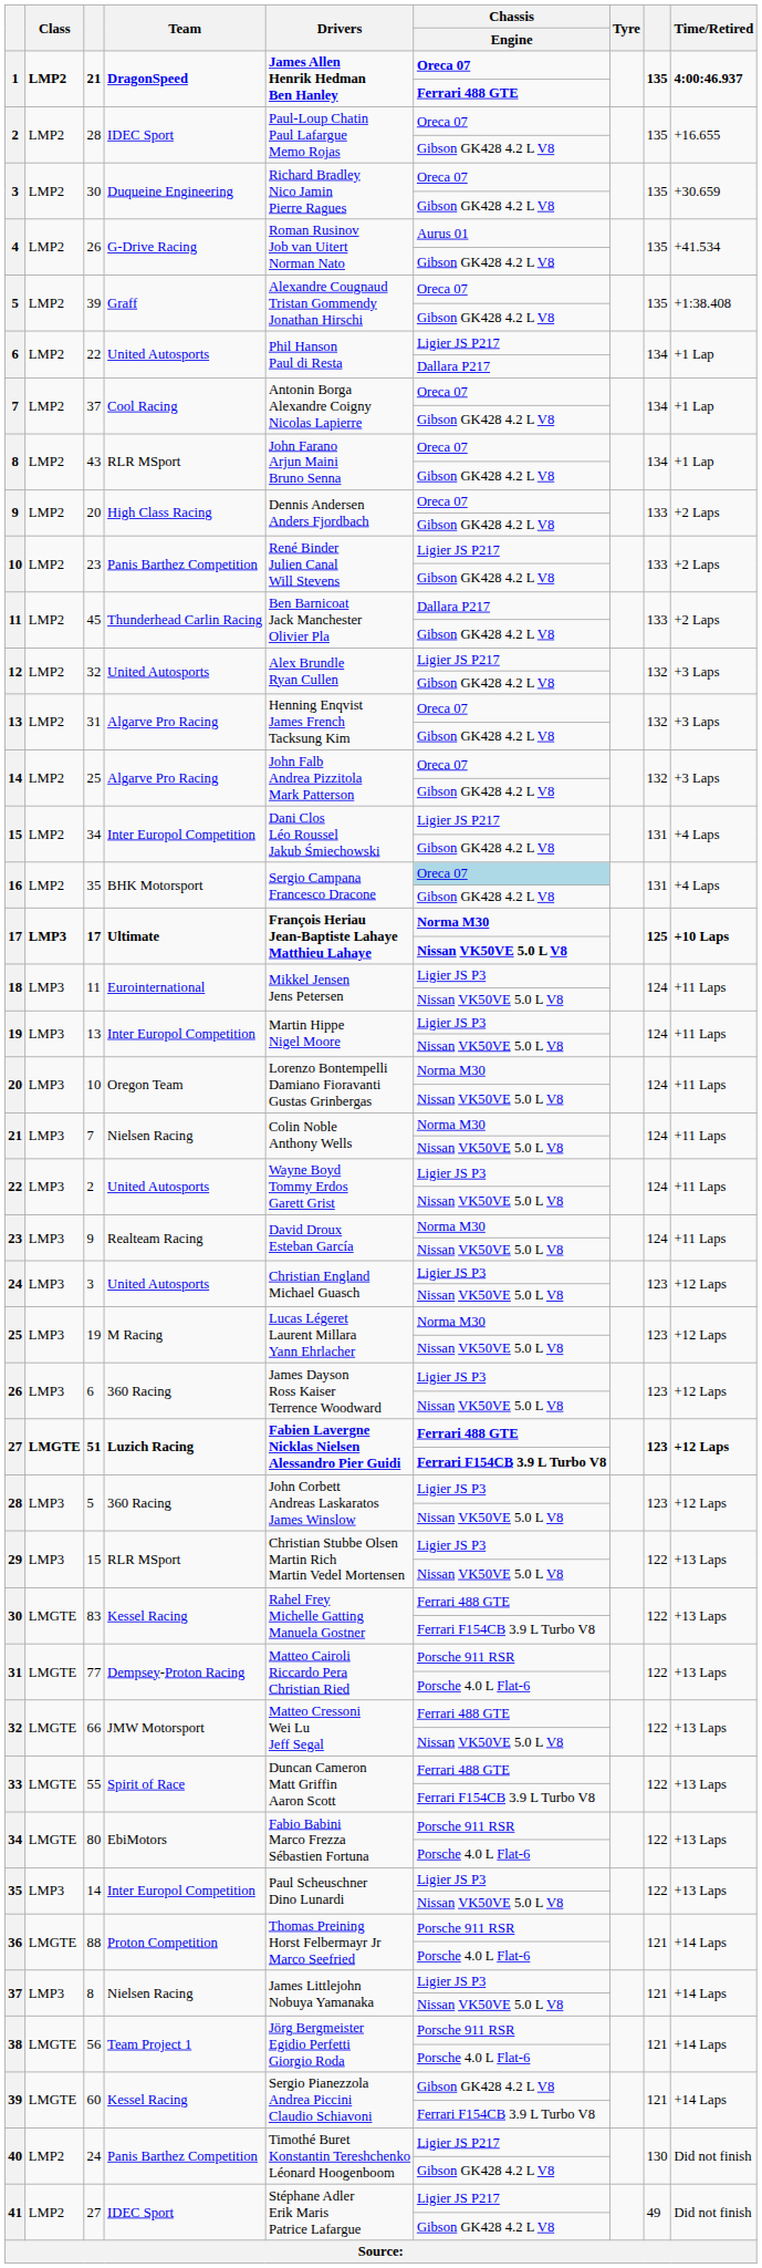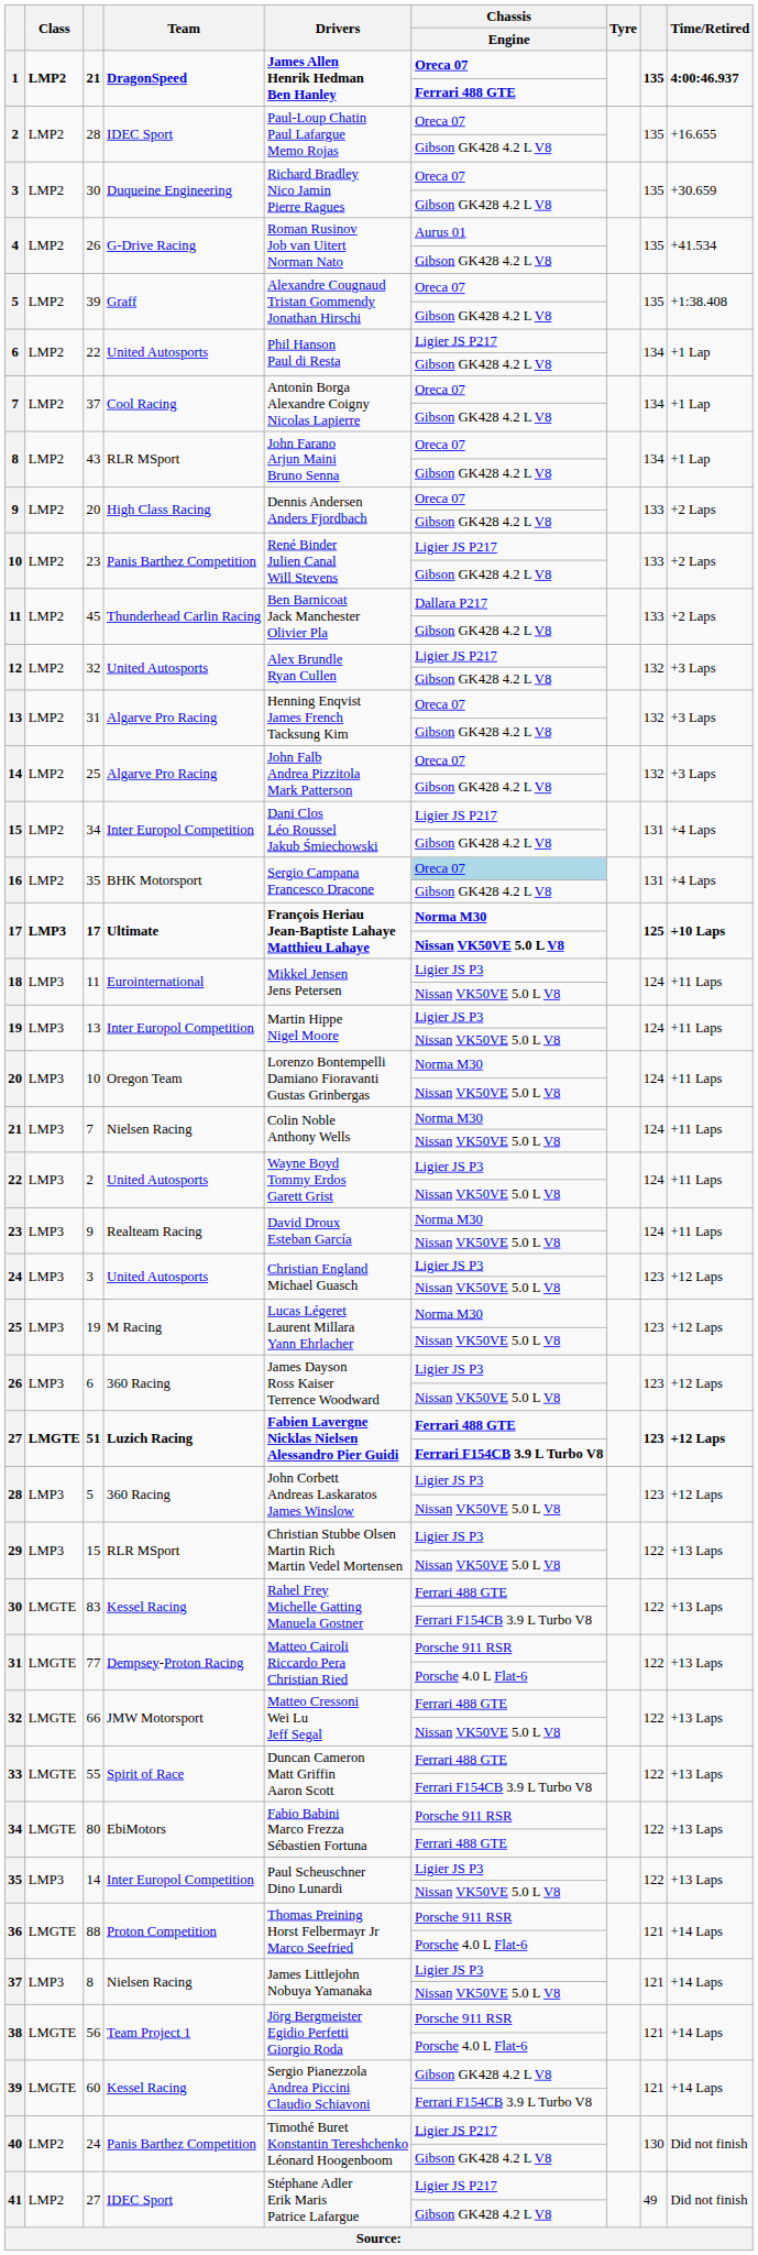 <table class="wikitable" style="font-size:95%;">
 <tr>
 <th rowspan=2></th>
 <th rowspan=2>Class</th>
 <th rowspan=2></th>
 <th rowspan=2>Team</th>
 <th rowspan=2>Drivers</th>
 <th>Chassis</th>
 <th rowspan=2>Tyre</th>
 <th rowspan=2></th>
 <th rowspan=2>Time/Retired</th>
 </tr>
 <tr>
 <th>Engine</th>
 </tr>
 <tr>
 <th rowspan=2>1</th>
 <td rowspan=2><strong>LMP2</strong></td>
 <td rowspan=2><strong>21</strong></td>
 <td rowspan=2><strong> <a href='#'>DragonSpeed</a></strong></td>
 <td rowspan=2><strong> <a href='#'>James Allen</a><br> Henrik Hedman<br> <a href='#'>Ben Hanley</a></strong></td>
 <td><strong><a href='#'>Oreca 07</a></strong></td>
 <td rowspan=2></td>
 <td rowspan=2><strong>135</strong></td>
 <td rowspan=2><strong>4:00:46.937</strong></td>
 </tr>
 <tr>
 <td><strong><a href='#'>Ferrari 488 GTE</a></strong></td>
 </tr>
 <tr>
 <th rowspan=2>2</th>
 <td rowspan=2>LMP2</td>
 <td rowspan=2>28</td>
 <td rowspan=2> <a href='#'>IDEC Sport</a></td>
 <td rowspan=2> <a href='#'>Paul-Loup Chatin</a><br> <a href='#'>Paul Lafargue</a><br> <a href='#'>Memo Rojas</a></td>
 <td><a href='#'>Oreca 07</a></td>
 <td rowspan=2></td>
 <td rowspan=2>135</td>
 <td rowspan=2>+16.655</td>
 </tr>
 <tr>
 <td><a href='#'>Gibson</a> GK428 4.2 L <a href='#'>V8</a></td>
 </tr>
 <tr>
 <th rowspan=2>3</th>
 <td rowspan=2>LMP2</td>
 <td rowspan=2>30</td>
 <td rowspan=2> <a href='#'>Duqueine Engineering</a></td>
 <td rowspan=2> <a href='#'>Richard Bradley</a><br> <a href='#'>Nico Jamin</a><br> <a href='#'>Pierre Ragues</a></td>
 <td><a href='#'>Oreca 07</a></td>
 <td rowspan=2></td>
 <td rowspan=2>135</td>
 <td rowspan=2>+30.659</td>
 </tr>
 <tr>
 <td><a href='#'>Gibson</a> GK428 4.2 L <a href='#'>V8</a></td>
 </tr>
 <tr>
 <th rowspan=2>4</th>
 <td rowspan=2>LMP2</td>
 <td rowspan=2>26</td>
 <td rowspan=2> <a href='#'>G-Drive Racing</a></td>
 <td rowspan=2> <a href='#'>Roman Rusinov</a><br> <a href='#'>Job van Uitert</a><br> <a href='#'>Norman Nato</a></td>
 <td><a href='#'>Aurus 01</a></td>
 <td rowspan=2></td>
 <td rowspan=2>135</td>
 <td rowspan=2>+41.534</td>
 </tr>
 <tr>
 <td><a href='#'>Gibson</a> GK428 4.2 L <a href='#'>V8</a></td>
 </tr>
 <tr>
 <th rowspan=2>5</th>
 <td rowspan=2>LMP2</td>
 <td rowspan=2>39</td>
 <td rowspan=2> <a href='#'>Graff</a></td>
 <td rowspan=2> <a href='#'>Alexandre Cougnaud</a><br> <a href='#'>Tristan Gommendy</a><br> <a href='#'>Jonathan Hirschi</a></td>
 <td><a href='#'>Oreca 07</a></td>
 <td rowspan=2></td>
 <td rowspan=2>135</td>
 <td rowspan=2>+1:38.408</td>
 </tr>
 <tr>
 <td><a href='#'>Gibson</a> GK428 4.2 L <a href='#'>V8</a></td>
 </tr>
 <tr>
 <th rowspan=2>6</th>
 <td rowspan=2>LMP2</td>
 <td rowspan=2>22</td>
 <td rowspan=2> <a href='#'>United Autosports</a></td>
 <td rowspan=2> <a href='#'>Phil Hanson</a><br> <a href='#'>Paul di Resta</a></td>
 <td><a href='#'>Ligier JS P217</a></td>
 <td rowspan=2></td>
 <td rowspan=2>134</td>
 <td rowspan=2>+1 Lap</td>
 </tr>
 <tr>
-<td><a href='#'>Dallara P217</a></td>
+<td><a href='#'>Gibson</a> GK428 4.2 L <a href='#'>V8</a></td>
 </tr>
 <tr>
 <th rowspan=2>7</th>
 <td rowspan=2>LMP2</td>
 <td rowspan=2>37</td>
 <td rowspan=2> <a href='#'>Cool Racing</a></td>
 <td rowspan=2> Antonin Borga<br> Alexandre Coigny<br> <a href='#'>Nicolas Lapierre</a></td>
 <td><a href='#'>Oreca 07</a></td>
 <td rowspan=2></td>
 <td rowspan=2>134</td>
 <td rowspan=2>+1 Lap</td>
 </tr>
 <tr>
 <td><a href='#'>Gibson</a> GK428 4.2 L <a href='#'>V8</a></td>
 </tr>
 <tr>
 <th rowspan=2>8</th>
 <td rowspan=2>LMP2</td>
 <td rowspan=2>43</td>
 <td rowspan=2> RLR MSport</td>
 <td rowspan=2> <a href='#'>John Farano</a><br> <a href='#'>Arjun Maini</a><br> <a href='#'>Bruno Senna</a></td>
 <td><a href='#'>Oreca 07</a></td>
 <td rowspan=2></td>
 <td rowspan=2>134</td>
 <td rowspan=2>+1 Lap</td>
 </tr>
 <tr>
 <td><a href='#'>Gibson</a> GK428 4.2 L <a href='#'>V8</a></td>
 </tr>
 <tr>
 <th rowspan=2>9</th>
 <td rowspan=2>LMP2</td>
 <td rowspan=2>20</td>
 <td rowspan=2> <a href='#'>High Class Racing</a></td>
 <td rowspan=2> Dennis Andersen<br> <a href='#'>Anders Fjordbach</a></td>
 <td><a href='#'>Oreca 07</a></td>
 <td rowspan=2></td>
 <td rowspan=2>133</td>
 <td rowspan=2>+2 Laps</td>
 </tr>
 <tr>
 <td><a href='#'>Gibson</a> GK428 4.2 L <a href='#'>V8</a></td>
 </tr>
 <tr>
 <th rowspan=2>10</th>
 <td rowspan=2>LMP2</td>
 <td rowspan=2>23</td>
 <td rowspan=2> <a href='#'>Panis Barthez Competition</a></td>
 <td rowspan=2> <a href='#'>René Binder</a><br> <a href='#'>Julien Canal</a><br> <a href='#'>Will Stevens</a></td>
 <td><a href='#'>Ligier JS P217</a></td>
 <td rowspan=2></td>
 <td rowspan=2>133</td>
 <td rowspan=2>+2 Laps</td>
 </tr>
 <tr>
 <td><a href='#'>Gibson</a> GK428 4.2 L <a href='#'>V8</a></td>
 </tr>
 <tr>
 <th rowspan=2>11</th>
 <td rowspan=2>LMP2</td>
 <td rowspan=2>45</td>
 <td rowspan=2> <a href='#'>Thunderhead Carlin Racing</a></td>
 <td rowspan=2> <a href='#'>Ben Barnicoat</a><br> Jack Manchester<br> <a href='#'>Olivier Pla</a></td>
 <td><a href='#'>Dallara P217</a></td>
 <td rowspan=2></td>
 <td rowspan=2>133</td>
 <td rowspan=2>+2 Laps</td>
 </tr>
 <tr>
 <td><a href='#'>Gibson</a> GK428 4.2 L <a href='#'>V8</a></td>
 </tr>
 <tr>
 <th rowspan=2>12</th>
 <td rowspan=2>LMP2</td>
 <td rowspan=2>32</td>
 <td rowspan=2> <a href='#'>United Autosports</a></td>
 <td rowspan=2> <a href='#'>Alex Brundle</a><br> <a href='#'>Ryan Cullen</a></td>
 <td><a href='#'>Ligier JS P217</a></td>
 <td rowspan=2></td>
 <td rowspan=2>132</td>
 <td rowspan=2>+3 Laps</td>
 </tr>
 <tr>
 <td><a href='#'>Gibson</a> GK428 4.2 L <a href='#'>V8</a></td>
 </tr>
 <tr>
 <th rowspan=2>13</th>
 <td rowspan=2>LMP2</td>
 <td rowspan=2>31</td>
 <td rowspan=2> <a href='#'>Algarve Pro Racing</a></td>
 <td rowspan=2> Henning Enqvist<br> <a href='#'>James French</a><br> Tacksung Kim</td>
 <td><a href='#'>Oreca 07</a></td>
 <td rowspan=2></td>
 <td rowspan=2>132</td>
 <td rowspan=2>+3 Laps</td>
 </tr>
 <tr>
 <td><a href='#'>Gibson</a> GK428 4.2 L <a href='#'>V8</a></td>
 </tr>
 <tr>
 <th rowspan=2>14</th>
 <td rowspan=2>LMP2</td>
 <td rowspan=2>25</td>
 <td rowspan=2> <a href='#'>Algarve Pro Racing</a></td>
 <td rowspan=2> <a href='#'>John Falb</a><br> <a href='#'>Andrea Pizzitola</a><br> <a href='#'>Mark Patterson</a></td>
 <td><a href='#'>Oreca 07</a></td>
 <td rowspan=2></td>
 <td rowspan=2>132</td>
 <td rowspan=2>+3 Laps</td>
 </tr>
 <tr>
 <td><a href='#'>Gibson</a> GK428 4.2 L <a href='#'>V8</a></td>
 </tr>
 <tr>
 <th rowspan=2>15</th>
 <td rowspan=2>LMP2</td>
 <td rowspan=2>34</td>
 <td rowspan=2> <a href='#'>Inter Europol Competition</a></td>
 <td rowspan=2> <a href='#'>Dani Clos</a><br> <a href='#'>Léo Roussel</a><br> <a href='#'>Jakub Śmiechowski</a></td>
 <td><a href='#'>Ligier JS P217</a></td>
 <td rowspan=2></td>
 <td rowspan=2>131</td>
 <td rowspan=2>+4 Laps</td>
 </tr>
 <tr>
 <td><a href='#'>Gibson</a> GK428 4.2 L <a href='#'>V8</a></td>
 </tr>
 <tr>
 <th rowspan=2>16</th>
 <td rowspan=2>LMP2</td>
 <td rowspan=2>35</td>
 <td rowspan=2> BHK Motorsport</td>
 <td rowspan=2> <a href='#'>Sergio Campana</a><br> <a href='#'>Francesco Dracone</a></td>
 <td style="background: lightblue;"><a href='#'>Oreca 07</a></td>
 <td rowspan=2></td>
 <td rowspan=2>131</td>
 <td rowspan=2>+4 Laps</td>
 </tr>
 <tr>
 <td><a href='#'>Gibson</a> GK428 4.2 L <a href='#'>V8</a></td>
 </tr>
 <tr>
 <th rowspan=2>17</th>
 <td rowspan=2><strong>LMP3</strong></td>
 <td rowspan=2><strong>17</strong></td>
 <td rowspan=2><strong> Ultimate</strong></td>
 <td rowspan=2><strong> François Heriau<br> Jean-Baptiste Lahaye<br> <a href='#'>Matthieu Lahaye</a></strong></td>
 <td><strong><a href='#'>Norma M30</a></strong></td>
 <td rowspan=2></td>
 <td rowspan=2><strong>125</strong></td>
 <td rowspan=2><strong>+10 Laps</strong></td>
 </tr>
 <tr>
 <td><strong><a href='#'>Nissan</a> <a href='#'>VK50VE</a> 5.0 L <a href='#'>V8</a></strong></td>
 </tr>
 <tr>
 <th rowspan=2>18</th>
 <td rowspan=2>LMP3</td>
 <td rowspan=2>11</td>
 <td rowspan=2> <a href='#'>Eurointernational</a></td>
 <td rowspan=2> <a href='#'>Mikkel Jensen</a><br> Jens Petersen</td>
 <td><a href='#'>Ligier JS P3</a></td>
 <td rowspan=2></td>
 <td rowspan=2>124</td>
 <td rowspan=2>+11 Laps</td>
 </tr>
 <tr>
 <td><a href='#'>Nissan</a> <a href='#'>VK50VE</a> 5.0 L <a href='#'>V8</a></td>
 </tr>
 <tr>
 <th rowspan=2>19</th>
 <td rowspan=2>LMP3</td>
 <td rowspan=2>13</td>
 <td rowspan=2> <a href='#'>Inter Europol Competition</a></td>
 <td rowspan=2> Martin Hippe<br> <a href='#'>Nigel Moore</a></td>
 <td><a href='#'>Ligier JS P3</a></td>
 <td rowspan=2></td>
 <td rowspan=2>124</td>
 <td rowspan=2>+11 Laps</td>
 </tr>
 <tr>
 <td><a href='#'>Nissan</a> <a href='#'>VK50VE</a> 5.0 L <a href='#'>V8</a></td>
 </tr>
 <tr>
 <th rowspan=2>20</th>
 <td rowspan=2>LMP3</td>
 <td rowspan=2>10</td>
 <td rowspan=2> Oregon Team</td>
 <td rowspan=2> Lorenzo Bontempelli<br> Damiano Fioravanti<br> Gustas Grinbergas</td>
 <td><a href='#'>Norma M30</a></td>
 <td rowspan=2></td>
 <td rowspan=2>124</td>
 <td rowspan=2>+11 Laps</td>
 </tr>
 <tr>
 <td><a href='#'>Nissan</a> <a href='#'>VK50VE</a> 5.0 L <a href='#'>V8</a></td>
 </tr>
 <tr>
 <th rowspan=2>21</th>
 <td rowspan=2>LMP3</td>
 <td rowspan=2>7</td>
 <td rowspan=2> Nielsen Racing</td>
 <td rowspan=2 nowrap> Colin Noble<br> Anthony Wells</td>
 <td><a href='#'>Norma M30</a></td>
 <td rowspan=2></td>
 <td rowspan=2>124</td>
 <td rowspan=2>+11 Laps</td>
 </tr>
 <tr>
 <td><a href='#'>Nissan</a> <a href='#'>VK50VE</a> 5.0 L <a href='#'>V8</a></td>
 </tr>
 <tr>
 <th rowspan=2>22</th>
 <td rowspan=2>LMP3</td>
 <td rowspan=2>2</td>
 <td rowspan=2> <a href='#'>United Autosports</a></td>
 <td rowspan=2> <a href='#'>Wayne Boyd</a><br> <a href='#'>Tommy Erdos</a><br> <a href='#'>Garett Grist</a></td>
 <td><a href='#'>Ligier JS P3</a></td>
 <td rowspan=2></td>
 <td rowspan=2>124</td>
 <td rowspan=2>+11 Laps</td>
 </tr>
 <tr>
 <td><a href='#'>Nissan</a> <a href='#'>VK50VE</a> 5.0 L <a href='#'>V8</a></td>
 </tr>
 <tr>
 <th rowspan=2>23</th>
 <td rowspan=2>LMP3</td>
 <td rowspan=2>9</td>
 <td rowspan=2> Realteam Racing</td>
 <td rowspan=2> <a href='#'>David Droux</a><br> <a href='#'>Esteban García</a></td>
 <td><a href='#'>Norma M30</a></td>
 <td rowspan=2></td>
 <td rowspan=2>124</td>
 <td rowspan=2>+11 Laps</td>
 </tr>
 <tr>
 <td><a href='#'>Nissan</a> <a href='#'>VK50VE</a> 5.0 L <a href='#'>V8</a></td>
 </tr>
 <tr>
 <th rowspan=2>24</th>
 <td rowspan=2>LMP3</td>
 <td rowspan=2>3</td>
 <td rowspan=2> <a href='#'>United Autosports</a></td>
 <td rowspan=2> <a href='#'>Christian England</a><br> Michael Guasch</td>
 <td><a href='#'>Ligier JS P3</a></td>
 <td rowspan=2></td>
 <td rowspan=2>123</td>
 <td rowspan=2>+12 Laps</td>
 </tr>
 <tr>
 <td><a href='#'>Nissan</a> <a href='#'>VK50VE</a> 5.0 L <a href='#'>V8</a></td>
 </tr>
 <tr>
 <th rowspan=2>25</th>
 <td rowspan=2>LMP3</td>
 <td rowspan=2>19</td>
 <td rowspan=2> M Racing</td>
 <td rowspan=2> <a href='#'>Lucas Légeret</a><br> Laurent Millara<br> <a href='#'>Yann Ehrlacher</a></td>
 <td><a href='#'>Norma M30</a></td>
 <td rowspan=2></td>
 <td rowspan=2>123</td>
 <td rowspan=2>+12 Laps</td>
 </tr>
 <tr>
 <td><a href='#'>Nissan</a> <a href='#'>VK50VE</a> 5.0 L <a href='#'>V8</a></td>
 </tr>
 <tr>
 <th rowspan=2>26</th>
 <td rowspan=2>LMP3</td>
 <td rowspan=2>6</td>
 <td rowspan=2> 360 Racing</td>
 <td rowspan=2> James Dayson<br> Ross Kaiser<br> Terrence Woodward</td>
 <td><a href='#'>Ligier JS P3</a></td>
 <td rowspan=2></td>
 <td rowspan=2>123</td>
 <td rowspan=2>+12 Laps</td>
 </tr>
 <tr>
 <td><a href='#'>Nissan</a> <a href='#'>VK50VE</a> 5.0 L <a href='#'>V8</a></td>
 </tr>
 <tr>
 <th rowspan=2>27</th>
 <td rowspan=2><strong>LMGTE</strong></td>
 <td rowspan=2><strong>51</strong></td>
 <td rowspan=2><strong> Luzich Racing</strong></td>
 <td rowspan=2><strong> <a href='#'>Fabien Lavergne</a><br> <a href='#'>Nicklas Nielsen</a><br> <a href='#'>Alessandro Pier Guidi</a></strong></td>
 <td><strong><a href='#'>Ferrari 488 GTE</a></strong></td>
 <td rowspan=2></td>
 <td rowspan=2><strong>123</strong></td>
 <td rowspan=2><strong>+12 Laps</strong></td>
 </tr>
 <tr>
 <td><strong><a href='#'>Ferrari F154CB</a> 3.9 L Turbo V8</strong></td>
 </tr>
 <tr>
 <th rowspan=2>28</th>
 <td rowspan=2>LMP3</td>
 <td rowspan=2>5</td>
 <td rowspan=2> 360 Racing</td>
 <td rowspan=2> John Corbett<br> Andreas Laskaratos<br> <a href='#'>James Winslow</a></td>
 <td><a href='#'>Ligier JS P3</a></td>
 <td rowspan=2></td>
 <td rowspan=2>123</td>
 <td rowspan=2>+12 Laps</td>
 </tr>
 <tr>
 <td><a href='#'>Nissan</a> <a href='#'>VK50VE</a> 5.0 L <a href='#'>V8</a></td>
 </tr>
 <tr>
 <th rowspan=2>29</th>
 <td rowspan=2>LMP3</td>
 <td rowspan=2>15</td>
 <td rowspan=2> RLR MSport</td>
 <td rowspan=2> Christian Stubbe Olsen<br> Martin Rich<br> Martin Vedel Mortensen</td>
 <td><a href='#'>Ligier JS P3</a></td>
 <td rowspan=2></td>
 <td rowspan=2>122</td>
 <td rowspan=2>+13 Laps</td>
 </tr>
 <tr>
 <td><a href='#'>Nissan</a> <a href='#'>VK50VE</a> 5.0 L <a href='#'>V8</a></td>
 </tr>
 <tr>
 <th rowspan=2>30</th>
 <td rowspan=2>LMGTE</td>
 <td rowspan=2>83</td>
 <td rowspan=2> <a href='#'>Kessel Racing</a></td>
 <td rowspan=2> <a href='#'>Rahel Frey</a><br> <a href='#'>Michelle Gatting</a><br> <a href='#'>Manuela Gostner</a></td>
 <td><a href='#'>Ferrari 488 GTE</a></td>
 <td rowspan=2></td>
 <td rowspan=2>122</td>
 <td rowspan=2>+13 Laps</td>
 </tr>
 <tr>
 <td><a href='#'>Ferrari F154CB</a> 3.9 L Turbo V8</td>
 </tr>
 <tr>
 <th rowspan=2>31</th>
 <td rowspan=2>LMGTE</td>
 <td rowspan=2>77</td>
 <td rowspan=2> <a href='#'>Dempsey</a>-<a href='#'>Proton Racing</a></td>
 <td rowspan=2> <a href='#'>Matteo Cairoli</a><br> <a href='#'>Riccardo Pera</a><br> <a href='#'>Christian Ried</a></td>
 <td><a href='#'>Porsche 911 RSR</a></td>
 <td rowspan=2></td>
 <td rowspan=2>122</td>
 <td rowspan=2>+13 Laps</td>
 </tr>
 <tr>
 <td><a href='#'>Porsche</a> 4.0 L <a href='#'>Flat-6</a></td>
 </tr>
 <tr>
 <th rowspan=2>32</th>
 <td rowspan=2>LMGTE</td>
 <td rowspan=2>66</td>
 <td rowspan=2> JMW Motorsport</td>
 <td rowspan=2> <a href='#'>Matteo Cressoni</a><br> Wei Lu<br> <a href='#'>Jeff Segal</a></td>
 <td><a href='#'>Ferrari 488 GTE</a></td>
 <td rowspan=2></td>
 <td rowspan=2>122</td>
 <td rowspan=2>+13 Laps</td>
 </tr>
 <tr>
 <td><a href='#'>Nissan</a> <a href='#'>VK50VE</a> 5.0 L <a href='#'>V8</a></td>
 </tr>
 <tr>
 <th rowspan=2>33</th>
 <td rowspan=2>LMGTE</td>
 <td rowspan=2>55</td>
 <td rowspan=2> <a href='#'>Spirit of Race</a></td>
 <td rowspan=2> Duncan Cameron<br> Matt Griffin<br> Aaron Scott</td>
 <td><a href='#'>Ferrari 488 GTE</a></td>
 <td rowspan=2></td>
 <td rowspan=2>122</td>
 <td rowspan=2>+13 Laps</td>
 </tr>
 <tr>
 <td><a href='#'>Ferrari F154CB</a> 3.9 L Turbo V8</td>
 </tr>
 <tr>
 <th rowspan=2>34</th>
 <td rowspan=2>LMGTE</td>
 <td rowspan=2>80</td>
 <td rowspan=2> EbiMotors</td>
 <td rowspan=2> <a href='#'>Fabio Babini</a><br> Marco Frezza<br> Sébastien Fortuna</td>
 <td><a href='#'>Porsche 911 RSR</a></td>
 <td rowspan=2></td>
 <td rowspan=2>122</td>
 <td rowspan=2>+13 Laps</td>
 </tr>
 <tr>
-<td><a href='#'>Porsche</a> 4.0 L <a href='#'>Flat-6</a></td>
+<td><a href='#'>Ferrari 488 GTE</a></td>
 </tr>
 <tr>
 <th rowspan=2>35</th>
 <td rowspan=2>LMP3</td>
 <td rowspan=2>14</td>
 <td rowspan=2> <a href='#'>Inter Europol Competition</a></td>
 <td rowspan=2> Paul Scheuschner<br> Dino Lunardi</td>
 <td><a href='#'>Ligier JS P3</a></td>
 <td rowspan=2></td>
 <td rowspan=2>122</td>
 <td rowspan=2>+13 Laps</td>
 </tr>
 <tr>
 <td><a href='#'>Nissan</a> <a href='#'>VK50VE</a> 5.0 L <a href='#'>V8</a></td>
 </tr>
 <tr>
 <th rowspan=2>36</th>
 <td rowspan=2>LMGTE</td>
 <td rowspan=2>88</td>
 <td rowspan=2> <a href='#'>Proton Competition</a></td>
 <td rowspan=2> <a href='#'>Thomas Preining</a><br> Horst Felbermayr Jr<br> <a href='#'>Marco Seefried</a></td>
 <td><a href='#'>Porsche 911 RSR</a></td>
 <td rowspan=2></td>
 <td rowspan=2>121</td>
 <td rowspan=2>+14 Laps</td>
 </tr>
 <tr>
 <td><a href='#'>Porsche</a> 4.0 L <a href='#'>Flat-6</a></td>
 </tr>
 <tr>
 <th rowspan=2>37</th>
 <td rowspan=2>LMP3</td>
 <td rowspan=2>8</td>
 <td rowspan=2> Nielsen Racing</td>
 <td rowspan=2> James Littlejohn<br> Nobuya Yamanaka</td>
 <td><a href='#'>Ligier JS P3</a></td>
 <td rowspan=2></td>
 <td rowspan=2>121</td>
 <td rowspan=2>+14 Laps</td>
 </tr>
 <tr>
 <td><a href='#'>Nissan</a> <a href='#'>VK50VE</a> 5.0 L <a href='#'>V8</a></td>
 </tr>
 <tr>
 <th rowspan=2>38</th>
 <td rowspan=2>LMGTE</td>
 <td rowspan=2>56</td>
 <td rowspan=2> <a href='#'>Team Project 1</a></td>
 <td rowspan=2> <a href='#'>Jörg Bergmeister</a><br> <a href='#'>Egidio Perfetti</a><br> <a href='#'>Giorgio Roda</a></td>
 <td><a href='#'>Porsche 911 RSR</a></td>
 <td rowspan=2></td>
 <td rowspan=2>121</td>
 <td rowspan=2>+14 Laps</td>
 </tr>
 <tr>
 <td><a href='#'>Porsche</a> 4.0 L <a href='#'>Flat-6</a></td>
 </tr>
 <tr>
 <th rowspan=2>39</th>
 <td rowspan=2>LMGTE</td>
 <td rowspan=2>60</td>
 <td rowspan=2> <a href='#'>Kessel Racing</a></td>
 <td rowspan=2> Sergio Pianezzola<br> <a href='#'>Andrea Piccini</a><br> <a href='#'>Claudio Schiavoni</a></td>
 <td><a href='#'>Gibson</a> GK428 4.2 L <a href='#'>V8</a></td>
 <td rowspan=2></td>
 <td rowspan=2>121</td>
 <td rowspan=2>+14 Laps</td>
 </tr>
 <tr>
 <td><a href='#'>Ferrari F154CB</a> 3.9 L Turbo V8</td>
 </tr>
 <tr>
 <th rowspan="2">40</th>
 <td rowspan="2">LMP2</td>
 <td rowspan="2">24</td>
 <td rowspan="2"> <a href='#'>Panis Barthez Competition</a></td>
 <td rowspan="2"> Timothé Buret<br> <a href='#'>Konstantin Tereshchenko</a><br> Léonard Hoogenboom</td>
 <td><a href='#'>Ligier JS P217</a></td>
 <td rowspan="2"></td>
 <td rowspan="2">130</td>
 <td rowspan="2">Did not finish</td>
 </tr>
 <tr>
 <td><a href='#'>Gibson</a> GK428 4.2 L <a href='#'>V8</a></td>
 </tr>
 <tr>
 <th rowspan="2">41</th>
 <td rowspan="2">LMP2</td>
 <td rowspan="2">27</td>
 <td rowspan="2"> <a href='#'>IDEC Sport</a></td>
 <td rowspan="2"> Stéphane Adler<br> Erik Maris<br> Patrice Lafargue</td>
 <td><a href='#'>Ligier JS P217</a></td>
 <td rowspan="2"></td>
 <td rowspan="2">49</td>
 <td rowspan="2">Did not finish</td>
 </tr>
 <tr>
 <td><a href='#'>Gibson</a> GK428 4.2 L <a href='#'>V8</a></td>
 </tr>
 <tr>
 <th colspan="9">Source:</th>
 </tr>
 </table>
